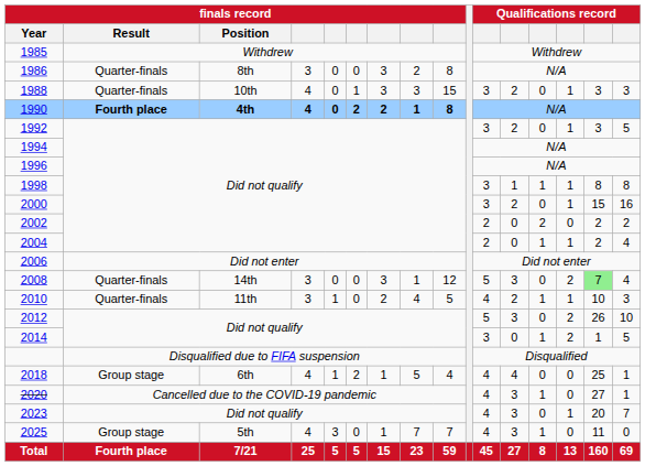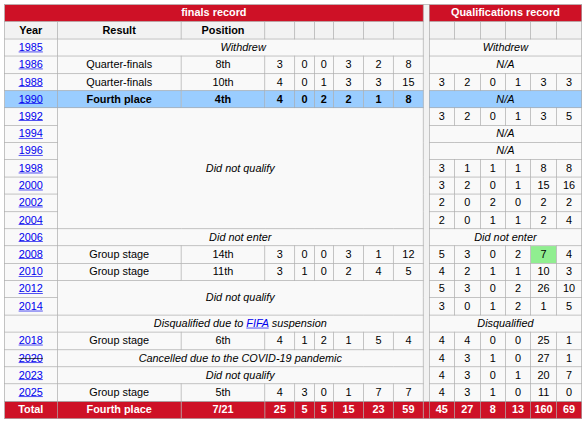 <table class="wikitable" style="text-align: center; width: 850px;">
 <tr>
 <th colspan=9 style="background: #CE1126; color: #FFFFFF;"><a href='#'></a> finals record</th>
 <th style="width:1%;" rowspan="23"></th>
 <th colspan=6 style="background: #CE1126; color: #FFFFFF;">Qualifications record</th>
 </tr>
 <tr>
 <th>Year</th>
 <th>Result</th>
 <th>Position</th>
 <th></th>
 <th></th>
 <th></th>
 <th></th>
 <th></th>
 <th></th>
 <th width=30></th>
 <th width=30></th>
 <th width=30></th>
 <th width=30></th>
 <th width=30></th>
 <th width=30></th>
 </tr>
 <tr>
 <td> <a href='#'>1985</a></td>
 <td colspan=9><em>Withdrew</em></td>
 <td colspan=6><em>Withdrew</em></td>
 </tr>
 <tr>
 <td> <a href='#'>1986</a></td>
 <td>Quarter-finals</td>
 <td>8th</td>
 <td>3</td>
 <td>0</td>
 <td>0</td>
 <td>3</td>
 <td>2</td>
 <td>8</td>
 <td colspan=6><em>N/A</em></td>
 </tr>
 <tr>
 <td> <a href='#'>1988</a></td>
 <td>Quarter-finals</td>
 <td>10th</td>
 <td>4</td>
 <td>0</td>
 <td>1</td>
 <td>3</td>
 <td>3</td>
 <td>15</td>
 <td>3</td>
 <td>2</td>
 <td>0</td>
 <td>1</td>
 <td>3</td>
 <td>3</td>
 </tr>
 <tr style="background:#9acdff;">
 <td> <a href='#'>1990</a></td>
 <td><strong>Fourth place</strong></td>
 <td><strong>4th</strong></td>
 <td><strong>4</strong></td>
 <td><strong>0</strong></td>
 <td><strong>2</strong></td>
 <td><strong>2</strong></td>
 <td><strong>1</strong></td>
 <td><strong>8</strong></td>
 <td colspan=6><em>N/A</em></td>
 </tr>
 <tr>
 <td> <a href='#'>1992</a></td>
 <td colspan=8 rowspan=7><em>Did not qualify</em></td>
 <td>3</td>
 <td>2</td>
 <td>0</td>
 <td>1</td>
 <td>3</td>
 <td>5</td>
 </tr>
 <tr>
 <td> <a href='#'>1994</a></td>
 <td colspan=6><em>N/A</em></td>
 </tr>
 <tr>
 <td> <a href='#'>1996</a></td>
 <td colspan=6><em>N/A</em></td>
 </tr>
 <tr>
 <td> <a href='#'>1998</a></td>
 <td>3</td>
 <td>1</td>
 <td>1</td>
 <td>1</td>
 <td>8</td>
 <td>8</td>
 </tr>
 <tr>
 <td> <a href='#'>2000</a></td>
 <td>3</td>
 <td>2</td>
 <td>0</td>
 <td>1</td>
 <td>15</td>
 <td>16</td>
 </tr>
 <tr>
 <td> <a href='#'>2002</a></td>
 <td>2</td>
 <td>0</td>
 <td>2</td>
 <td>0</td>
 <td>2</td>
 <td>2</td>
 </tr>
 <tr>
 <td> <a href='#'>2004</a></td>
 <td>2</td>
 <td>0</td>
 <td>1</td>
 <td>1</td>
 <td>2</td>
 <td>4</td>
 </tr>
 <tr>
 <td> <a href='#'>2006</a></td>
 <td colspan=8><em>Did not enter</em></td>
 <td colspan=6><em>Did not enter</em></td>
 </tr>
 <tr>
 <td> <a href='#'>2008</a></td>
-<td>Quarter-finals</td>
+<td>Group stage</td>
 <td>14th</td>
 <td>3</td>
 <td>0</td>
 <td>0</td>
 <td>3</td>
 <td>1</td>
 <td>12</td>
 <td>5</td>
 <td>3</td>
 <td>0</td>
 <td>2</td>
 <td style="background: lightgreen;">7</td>
 <td>4</td>
 </tr>
 <tr>
 <td> <a href='#'>2010</a></td>
-<td>Quarter-finals</td>
+<td>Group stage</td>
 <td>11th</td>
 <td>3</td>
 <td>1</td>
 <td>0</td>
 <td>2</td>
 <td>4</td>
 <td>5</td>
 <td>4</td>
 <td>2</td>
 <td>1</td>
 <td>1</td>
 <td>10</td>
 <td>3</td>
 </tr>
 <tr>
 <td> <a href='#'>2012</a></td>
 <td colspan=8 rowspan=2><em>Did not qualify</em></td>
 <td>5</td>
 <td>3</td>
 <td>0</td>
 <td>2</td>
 <td>26</td>
 <td>10</td>
 </tr>
 <tr>
 <td> <a href='#'>2014</a></td>
 <td>3</td>
 <td>0</td>
 <td>1</td>
 <td>2</td>
 <td>1</td>
 <td>5</td>
 </tr>
 <tr>
 <td></td>
 <td colspan=8><em>Disqualified due to <a href='#'>FIFA</a> suspension</em></td>
 <td colspan=6><em>Disqualified</em></td>
 </tr>
 <tr>
 <td> <a href='#'>2018</a></td>
 <td>Group stage</td>
 <td>6th</td>
 <td>4</td>
 <td>1</td>
 <td>2</td>
 <td>1</td>
 <td>5</td>
 <td>4</td>
 <td>4</td>
 <td>4</td>
 <td>0</td>
 <td>0</td>
 <td>25</td>
 <td>1</td>
 </tr>
 <tr>
 <td> <s><a href='#'>2020</a></s></td>
 <td colspan=8><em>Cancelled due to the COVID-19 pandemic</em></td>
 <td>4</td>
 <td>3</td>
 <td>1</td>
 <td>0</td>
 <td>27</td>
 <td>1</td>
 </tr>
 <tr>
 <td> <a href='#'>2023</a></td>
 <td colspan=8><em>Did not qualify</em></td>
 <td>4</td>
 <td>3</td>
 <td>0</td>
 <td>1</td>
 <td>20</td>
 <td>7</td>
 </tr>
 <tr>
 <td> <a href='#'>2025</a></td>
 <td>Group stage</td>
 <td>5th</td>
 <td>4</td>
 <td>3</td>
 <td>0</td>
 <td>1</td>
 <td>7</td>
 <td>7</td>
 <td>4</td>
 <td>3</td>
 <td>1</td>
 <td>0</td>
 <td>11</td>
 <td>0</td>
 </tr>
 <tr>
 </tr>
 <tr style="background: #CE1126; color: #FFFFFF;|">
 <td><strong>Total</strong></td>
 <td><strong>Fourth place</strong></td>
 <td><strong>7/21</strong></td>
 <td><strong>25</strong></td>
 <td><strong>5</strong></td>
 <td><strong>5</strong></td>
 <td><strong>15</strong></td>
 <td><strong>23</strong></td>
 <td><strong>59</strong></td>
 <td></td>
 <td><strong>45</strong></td>
 <td><strong>27</strong></td>
 <td><strong>8</strong></td>
 <td><strong>13</strong></td>
 <td><strong>160</strong></td>
 <td><strong>69</strong></td>
 </tr>
 </table>
